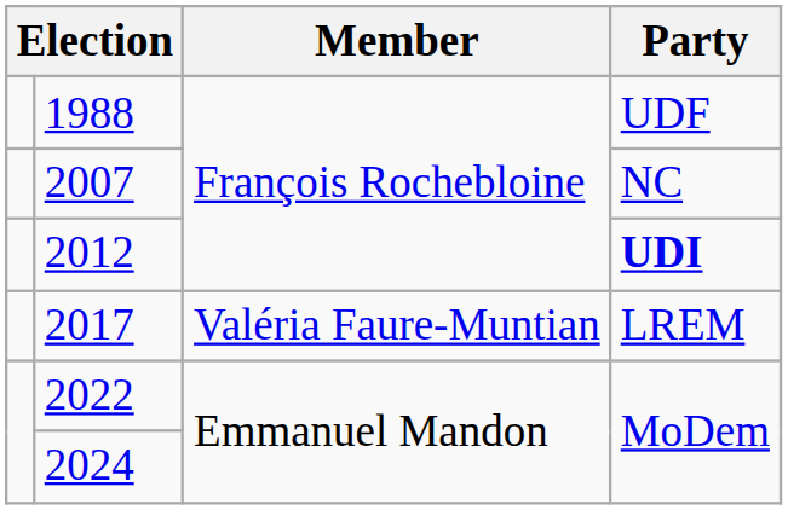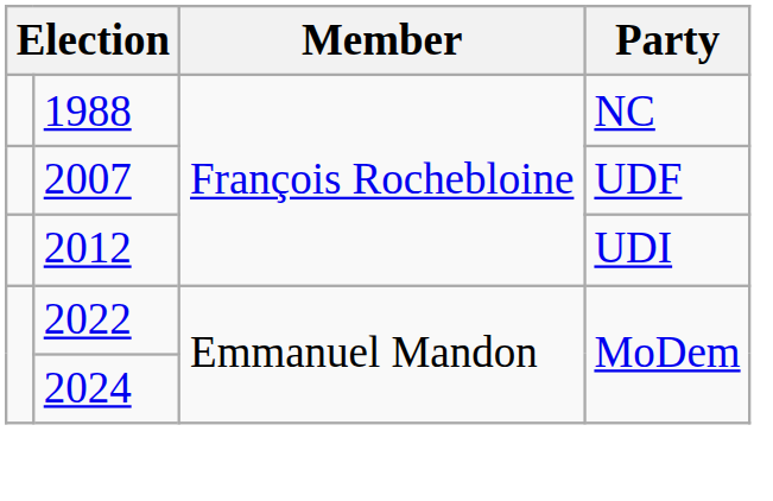 <table class="wikitable">
 <tr>
 <th colspan=2>Election</th>
 <th>Member</th>
 <th>Party</th>
 </tr>
 <tr>
 <td style="background-color: "></td>
 <td><a href='#'>1988</a></td>
 <td rowspan="3"><a href='#'>François Rochebloine</a></td>
+<td><a href='#'>NC</a></td>
+</tr>
+<tr>
+<td style="background-color: "></td>
+<td><a href='#'>2007</a></td>
 <td><a href='#'>UDF</a></td>
 </tr>
 <tr>
 <td style="background-color: "></td>
-<td><a href='#'>2007</a></td>
-<td><a href='#'>NC</a></td>
-</tr>
-<tr>
-<td style="background-color: "></td>
 <td><a href='#'>2012</a></td>
-<td><strong><a href='#'>UDI</a></strong></td>
-</tr>
-<tr>
-<td style="background-color: "></td>
-<td><a href='#'>2017</a></td>
-<td><a href='#'>Valéria Faure-Muntian</a></td>
-<td><a href='#'>LREM</a></td>
+<td><a href='#'>UDI</a></td>
 </tr>
 <tr>
 <td rowspan="2" style="color:inherit;background-color: "></td>
 <td><a href='#'>2022</a></td>
 <td rowspan="2">Emmanuel Mandon</td>
 <td rowspan="2"><a href='#'>MoDem</a></td>
 </tr>
 <tr>
 <td><a href='#'>2024</a></td>
 </tr>
 </table>
